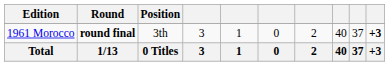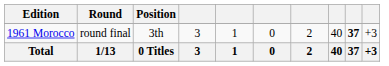 <table class="wikitable sortable" style="text-align: center;font-size:90%;">
 <tr>
 <th scope="col">Edition</th>
 <th scope="col">Round</th>
 <th scope="col">Position</th>
 <th scope="col" width="40"></th>
 <th scope="col" width="40"></th>
 <th scope="col" width="40"></th>
 <th scope="col" width="40"></th>
 <th></th>
 <th></th>
 <th></th>
 </tr>
 <tr>
 </tr>
 <tr -bgcolor=cc9966>
 <td style="text-align: left;"> <a href='#'>1961 Morocco</a></td>
-<td><strong>round final</strong></td>
+<td>round final</td>
 <td>3th</td>
 <td>3</td>
 <td>1</td>
 <td>0</td>
 <td>2</td>
 <td>40</td>
-<td>37</td>
-<td><strong>+3</strong></td>
+<td><strong>37</strong></td>
+<td>+3</td>
 </tr>
 <tr>
 <th>Total</th>
 <th>1/13</th>
 <th>0 Titles</th>
 <th>3</th>
 <th>1</th>
 <th>0</th>
 <th>2</th>
 <th>40</th>
 <th>37</th>
 <th>+3</th>
 </tr>
 </table>
